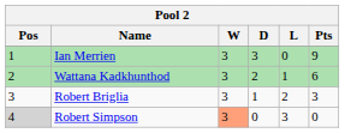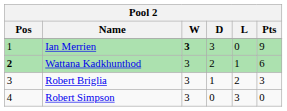 <table class="wikitable">
 <tr>
 <th colspan="6">Pool 2</th>
 </tr>
 <tr>
 <th width=50>Pos</th>
 <th width=200>Name</th>
 <th width=30>W</th>
 <th width=30>D</th>
 <th width=30>L</th>
 <th width=30>Pts</th>
 </tr>
 <tr>
 </tr>
 <tr style="background:#ACE1AF;">
 <td>1</td>
 <td> <a href='#'>Ian Merrien</a></td>
-<td>3</td>
+<td><strong>3</strong></td>
 <td>3</td>
 <td>0</td>
 <td>9</td>
 </tr>
 <tr style="background:#ACE1AF;">
-<td>2</td>
+<td><strong>2</strong></td>
 <td> <a href='#'>Wattana Kadkhunthod</a></td>
 <td>3</td>
 <td>2</td>
 <td>1</td>
 <td>6</td>
 </tr>
 <tr>
 <td>3</td>
 <td> <a href='#'>Robert Briglia</a></td>
 <td>3</td>
 <td>1</td>
 <td>2</td>
 <td>3</td>
 </tr>
 <tr>
-<td style="background: lightgrey;">4</td>
+<td>4</td>
 <td> <a href='#'>Robert Simpson</a></td>
-<td style="background: lightsalmon;">3</td>
+<td>3</td>
 <td>0</td>
 <td>3</td>
 <td>0</td>
 </tr>
 </table>
